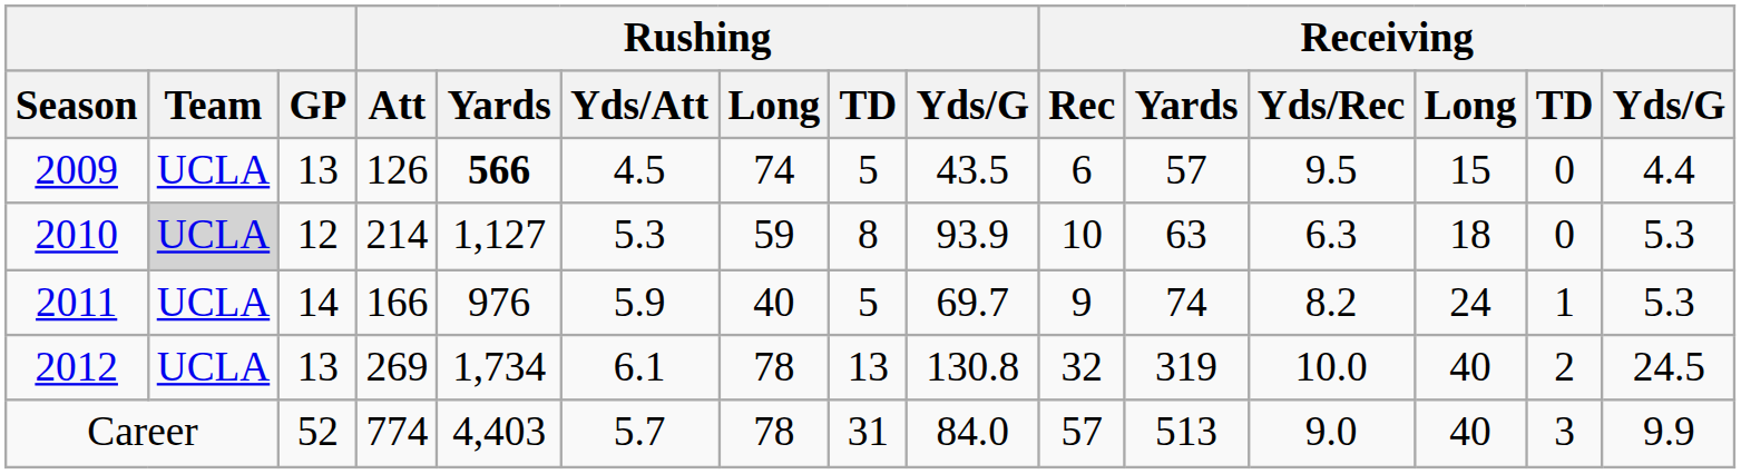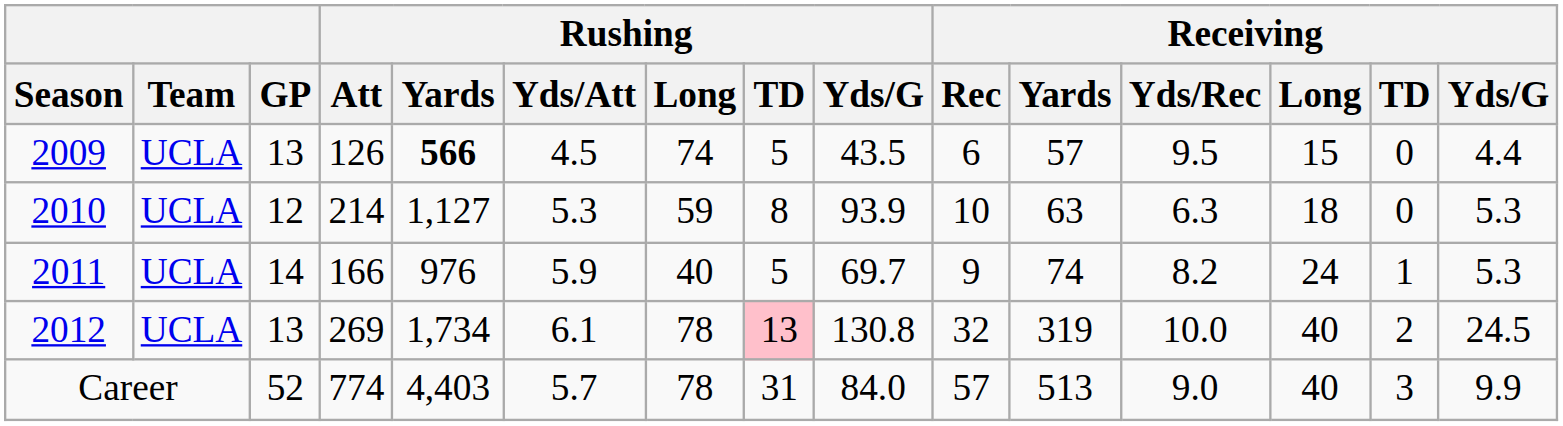 <table class="wikitable" style="text-align:center">
 <tr>
 <th colspan="3"></th>
 <th colspan="6">Rushing</th>
 <th colspan="6">Receiving</th>
 </tr>
 <tr>
 <th>Season</th>
 <th>Team</th>
 <th>GP</th>
 <th>Att</th>
 <th>Yards</th>
 <th>Yds/Att</th>
 <th>Long</th>
 <th>TD</th>
 <th>Yds/G</th>
 <th>Rec</th>
 <th>Yards</th>
 <th>Yds/Rec</th>
 <th>Long</th>
 <th>TD</th>
 <th>Yds/G</th>
 </tr>
 <tr>
 <td><a href='#'>2009</a></td>
 <td><a href='#'>UCLA</a></td>
 <td>13</td>
 <td>126</td>
 <td><strong>566</strong></td>
 <td>4.5</td>
 <td>74</td>
 <td>5</td>
 <td>43.5</td>
 <td>6</td>
 <td>57</td>
 <td>9.5</td>
 <td>15</td>
 <td>0</td>
 <td>4.4</td>
 </tr>
 <tr>
 <td><a href='#'>2010</a></td>
-<td style="background: lightgrey;"><a href='#'>UCLA</a></td>
+<td><a href='#'>UCLA</a></td>
 <td>12</td>
 <td>214</td>
 <td>1,127</td>
 <td>5.3</td>
 <td>59</td>
 <td>8</td>
 <td>93.9</td>
 <td>10</td>
 <td>63</td>
 <td>6.3</td>
 <td>18</td>
 <td>0</td>
 <td>5.3</td>
 </tr>
 <tr>
 <td><a href='#'>2011</a></td>
 <td><a href='#'>UCLA</a></td>
 <td>14</td>
 <td>166</td>
 <td>976</td>
 <td>5.9</td>
 <td>40</td>
 <td>5</td>
 <td>69.7</td>
 <td>9</td>
 <td>74</td>
 <td>8.2</td>
 <td>24</td>
 <td>1</td>
 <td>5.3</td>
 </tr>
 <tr>
 <td><a href='#'>2012</a></td>
 <td><a href='#'>UCLA</a></td>
 <td>13</td>
 <td>269</td>
 <td>1,734</td>
 <td>6.1</td>
 <td>78</td>
-<td>13</td>
+<td style="background: pink;">13</td>
 <td>130.8</td>
 <td>32</td>
 <td>319</td>
 <td>10.0</td>
 <td>40</td>
 <td>2</td>
 <td>24.5</td>
 </tr>
 <tr>
 <td colspan=2>Career</td>
 <td>52</td>
 <td>774</td>
 <td>4,403</td>
 <td>5.7</td>
 <td>78</td>
 <td>31</td>
 <td>84.0</td>
 <td>57</td>
 <td>513</td>
 <td>9.0</td>
 <td>40</td>
 <td>3</td>
 <td>9.9</td>
 </tr>
 </table>
